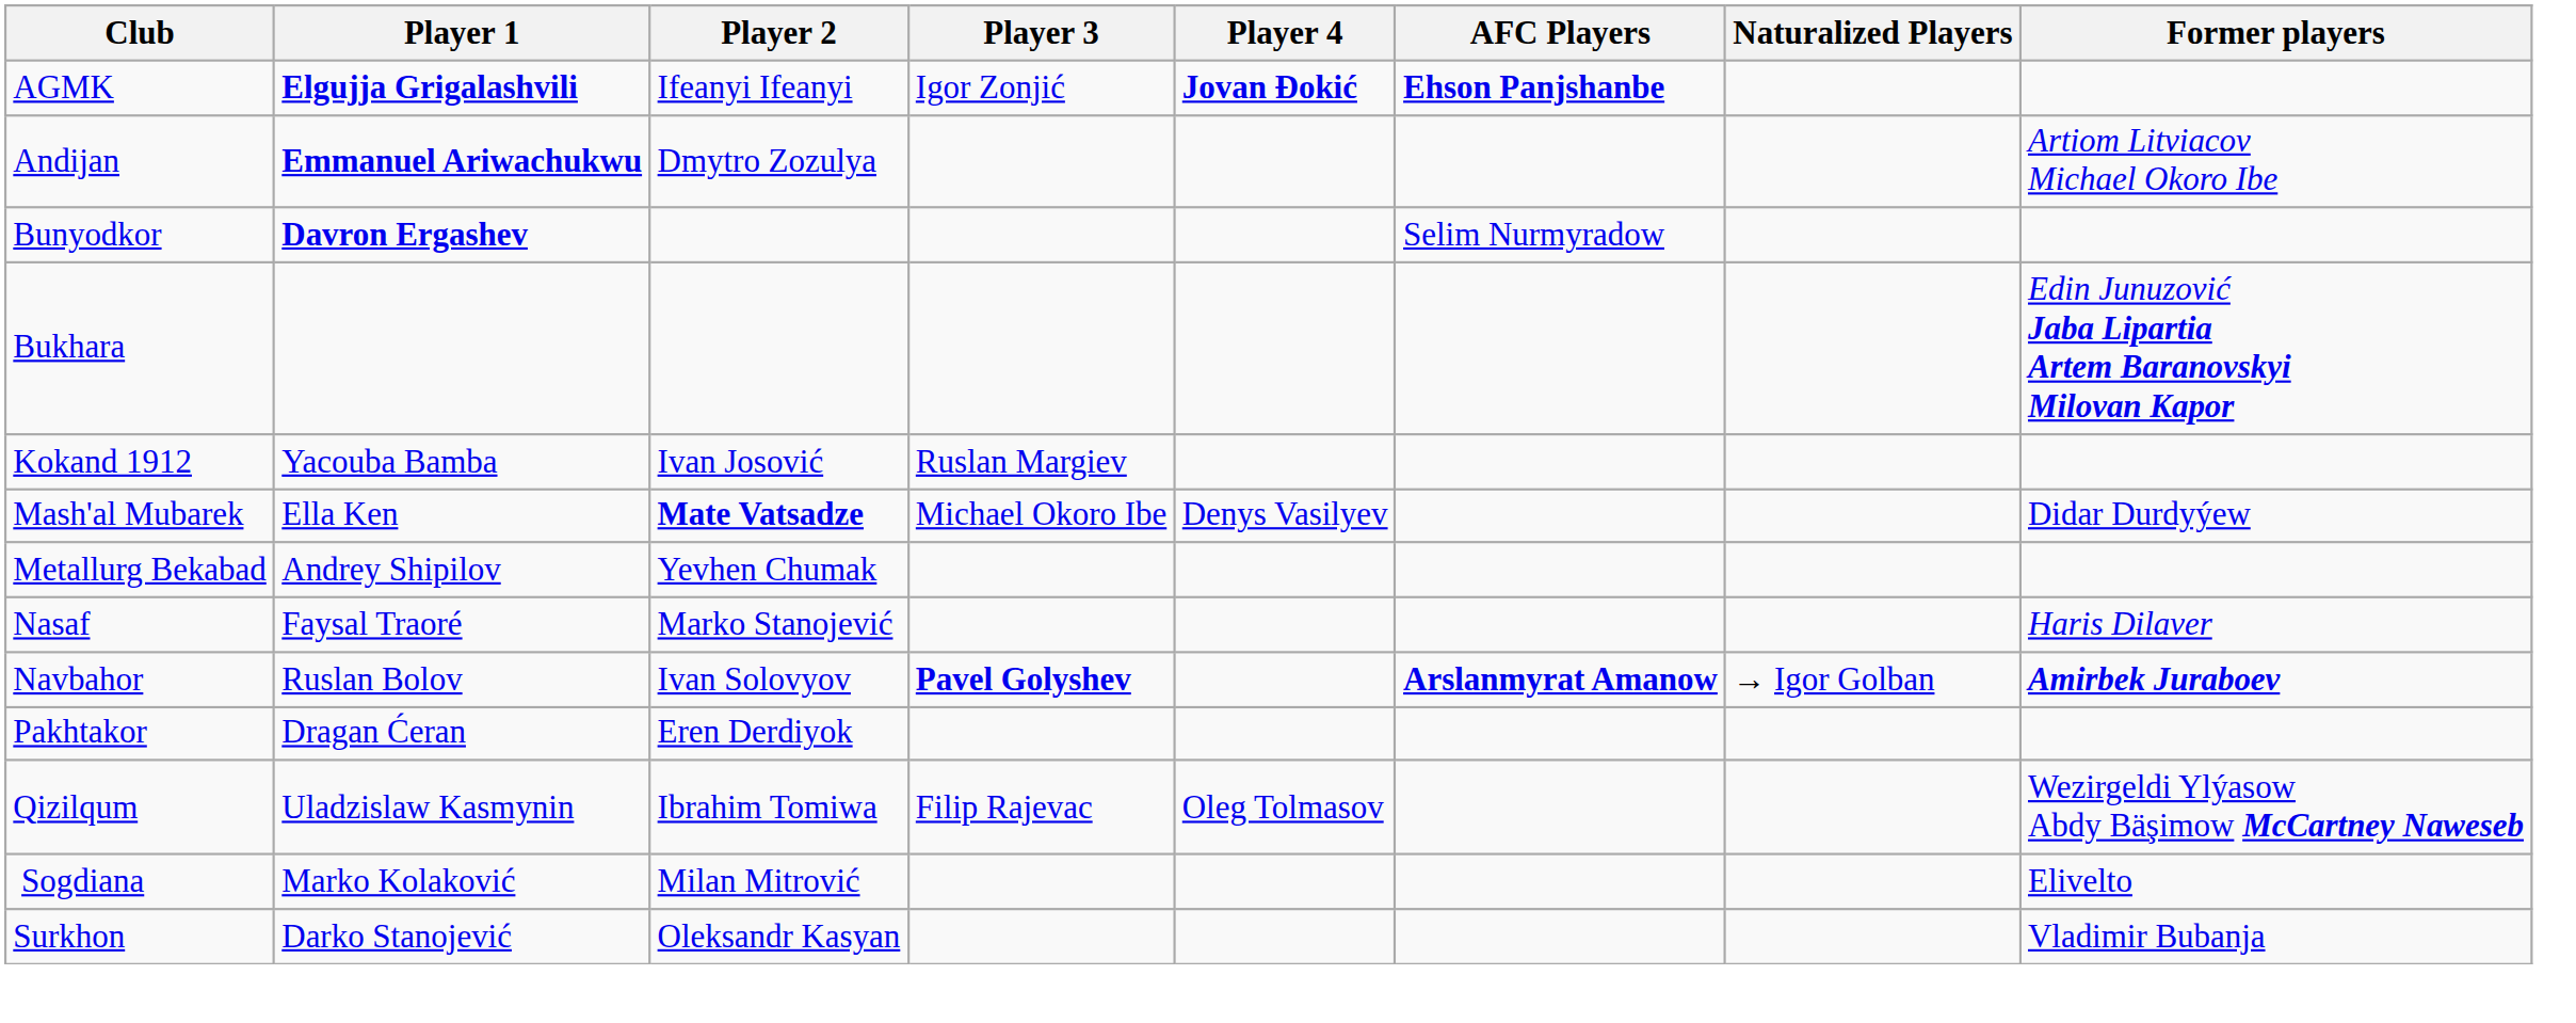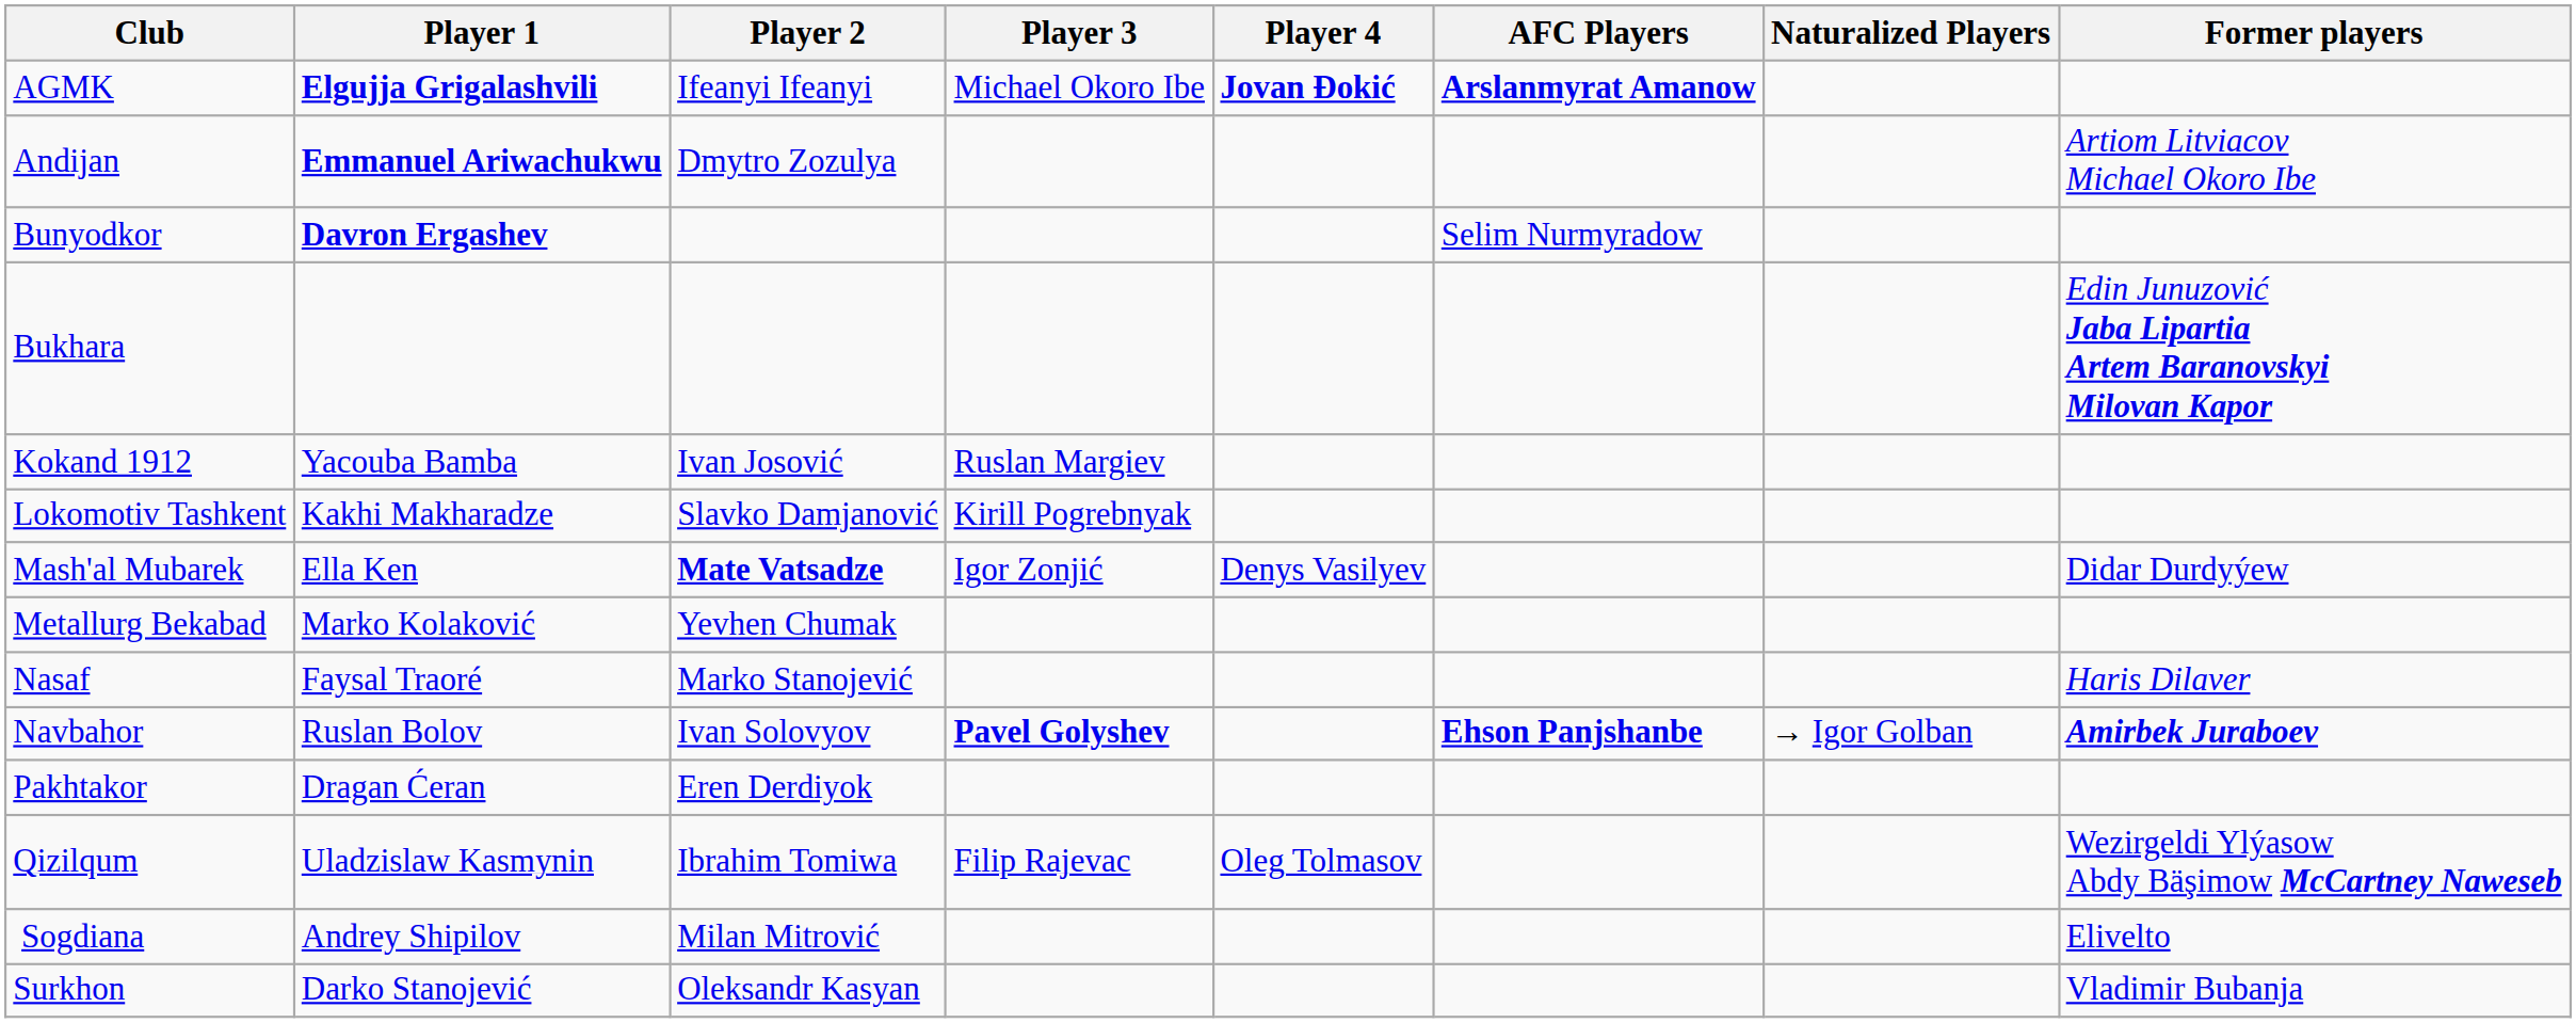 <table class="wikitable" style="font-size:90%;">
 <tr>
 <th>Club</th>
 <th>Player 1</th>
 <th>Player 2</th>
 <th>Player 3</th>
 <th>Player 4</th>
 <th>AFC Players</th>
 <th>Naturalized Players</th>
 <th>Former players</th>
 </tr>
 <tr>
 <td><a href='#'>AGMK</a></td>
 <td> <strong><a href='#'>Elgujja Grigalashvili</a></strong></td>
 <td> </strong><a href='#'>Ifeanyi Ifeanyi</a><strong></td>
-<td> <a href='#'>Igor Zonjić</a></td>
+<td> <a href='#'>Michael Okoro Ibe</a></td>
 <td> <strong><a href='#'>Jovan Đokić</a></strong></td>
-<td> <strong><a href='#'>Ehson Panjshanbe</a></strong></td>
+<td> <strong><a href='#'>Arslanmyrat Amanow</a></strong></td>
 <td></td>
 <td></td>
 </tr>
 <tr>
 <td><a href='#'>Andijan</a></td>
 <td><strong> <a href='#'>Emmanuel Ariwachukwu</a></strong></td>
 <td> <a href='#'>Dmytro Zozulya</a></td>
 <td></td>
 <td></td>
 <td></td>
 <td></td>
 <td> <em><a href='#'>Artiom Litviacov</a></em><br> <em><a href='#'>Michael Okoro Ibe</a></em></td>
 </tr>
 <tr>
 <td><a href='#'>Bunyodkor</a></td>
 <td> <strong><a href='#'>Davron Ergashev</a></strong></td>
 <td></td>
 <td></td>
 <td></td>
 <td> <a href='#'>Selim Nurmyradow</a></td>
 <td></td>
 <td></td>
 </tr>
 <tr>
 <td><a href='#'>Bukhara</a></td>
 <td></td>
 <td></td>
 <td></td>
 <td></td>
 <td></td>
 <td></td>
 <td> <em><a href='#'>Edin Junuzović</a></em><br><em> <strong><a href='#'>Jaba Lipartia</a><strong><em><br> </em><a href='#'>Artem Baranovskyi</a><em><br> </em><a href='#'>Milovan Kapor</a><em></td>
 </tr>
 <tr>
 <td><a href='#'>Kokand 1912</a></td>
 <td> <a href='#'>Yacouba Bamba</a></td>
 <td> <a href='#'>Ivan Josović</a></td>
 <td> <a href='#'>Ruslan Margiev</a></td>
 <td></td>
 <td></td>
 <td></td>
 <td></td>
 </tr>
 <tr>
+<td><a href='#'>Lokomotiv Tashkent</a></td>
+<td> </strong><a href='#'>Kakhi Makharadze</a><strong></td>
+<td> <a href='#'>Slavko Damjanović</a></td>
+<td> <a href='#'>Kirill Pogrebnyak</a></td>
+<td></td>
+<td></td>
+<td></td>
+<td></td>
+</tr>
+<tr>
 <td><a href='#'>Mash'al Mubarek</a></td>
 <td> <a href='#'>Ella Ken</a></td>
 <td> <strong><a href='#'>Mate Vatsadze</a></strong></td>
-<td> <a href='#'>Michael Okoro Ibe</a></td>
+<td> <a href='#'>Igor Zonjić</a></td>
 <td> <a href='#'>Denys Vasilyev</a></td>
 <td></td>
 <td></td>
 <td></strong> </em><a href='#'>Didar Durdyýew</a></em></strong></td>
 </tr>
 <tr>
 <td><a href='#'>Metallurg Bekabad</a></td>
-<td> <a href='#'>Andrey Shipilov</a></td>
+<td> <a href='#'>Marko Kolaković</a></td>
 <td> <a href='#'>Yevhen Chumak</a></td>
 <td></td>
 <td></td>
 <td></td>
 <td></td>
 <td></td>
 </tr>
 <tr>
 <td><a href='#'>Nasaf</a></td>
 <td> <a href='#'>Faysal Traoré</a></td>
 <td> <a href='#'>Marko Stanojević</a></td>
 <td></td>
 <td></td>
 <td></td>
 <td></td>
 <td> <em><a href='#'>Haris Dilaver</a></em></td>
 </tr>
 <tr>
 <td><a href='#'>Navbahor</a></td>
 <td> <a href='#'>Ruslan Bolov</a></td>
 <td> <a href='#'>Ivan Solovyov</a></td>
 <td> <strong><a href='#'>Pavel Golyshev</a></strong></td>
 <td></td>
-<td> <strong><a href='#'>Arslanmyrat Amanow</a></strong></td>
+<td> <strong><a href='#'>Ehson Panjshanbe</a></strong></td>
 <td>→ <a href='#'>Igor Golban</a></td>
 <td><strong> <em><a href='#'>Amirbek Juraboev</a><strong><em></td>
 </tr>
 <tr>
 <td><a href='#'>Pakhtakor</a></td>
 <td> <a href='#'>Dragan Ćeran</a></td>
 <td> </strong><a href='#'>Eren Derdiyok</a><strong></td>
 <td></td>
 <td></td>
 <td></td>
 <td></td>
 <td></td>
 </tr>
 <tr>
 <td><a href='#'>Qizilqum</a></td>
 <td> <a href='#'>Uladzislaw Kasmynin</a></td>
 <td> <a href='#'>Ibrahim Tomiwa</a></td>
 <td> <a href='#'>Filip Rajevac</a></td>
 <td> <a href='#'>Oleg Tolmasov</a></td>
 <td></td>
 <td></td>
 <td></em> </strong><a href='#'>Wezirgeldi Ylýasow</a><strong> <em><br></em> </strong><a href='#'>Abdy Bäşimow</a></em></strong>  <em> <strong><a href='#'>McCartney Naweseb</a><strong><em></td>
 </tr>
 <tr>
 <td> <a href='#'>Sogdiana</a></td>
-<td> <a href='#'>Marko Kolaković</a></td>
+<td> <a href='#'>Andrey Shipilov</a></td>
 <td> <a href='#'>Milan Mitrović</a></td>
 <td></td>
 <td></td>
 <td></td>
 <td></td>
 <td> </em><a href='#'>Elivelto</a><em></td>
 </tr>
 <tr>
 <td><a href='#'>Surkhon</a></td>
 <td> <a href='#'>Darko Stanojević</a></td>
 <td> <a href='#'>Oleksandr Kasyan</a></td>
 <td></td>
 <td></td>
 <td></td>
 <td></td>
 <td> </em><a href='#'>Vladimir Bubanja</a><em></td>
 </tr>
 </table>
